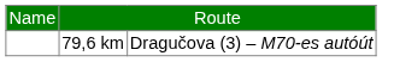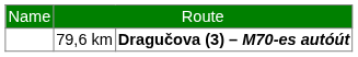 <table border=1 cellpadding=2 style="margin-left:1em; margin-bottom: 1em; color: black; border-collapse: collapse; font-size: 95%;">
 <tr align="center" bgcolor=green style="color: white;">
 <td>Name</td>
 <td colspan=2>Route</td>
 </tr>
 <tr>
 <td></td>
 <td align="right">79,6 km</td>
-<td> Dragučova  (3) –   <em>M70-es autóút</em></td>
+<td><strong> Dragučova  (3) –   <em>M70-es autóút</em></strong></td>
 </tr>
 </table>
